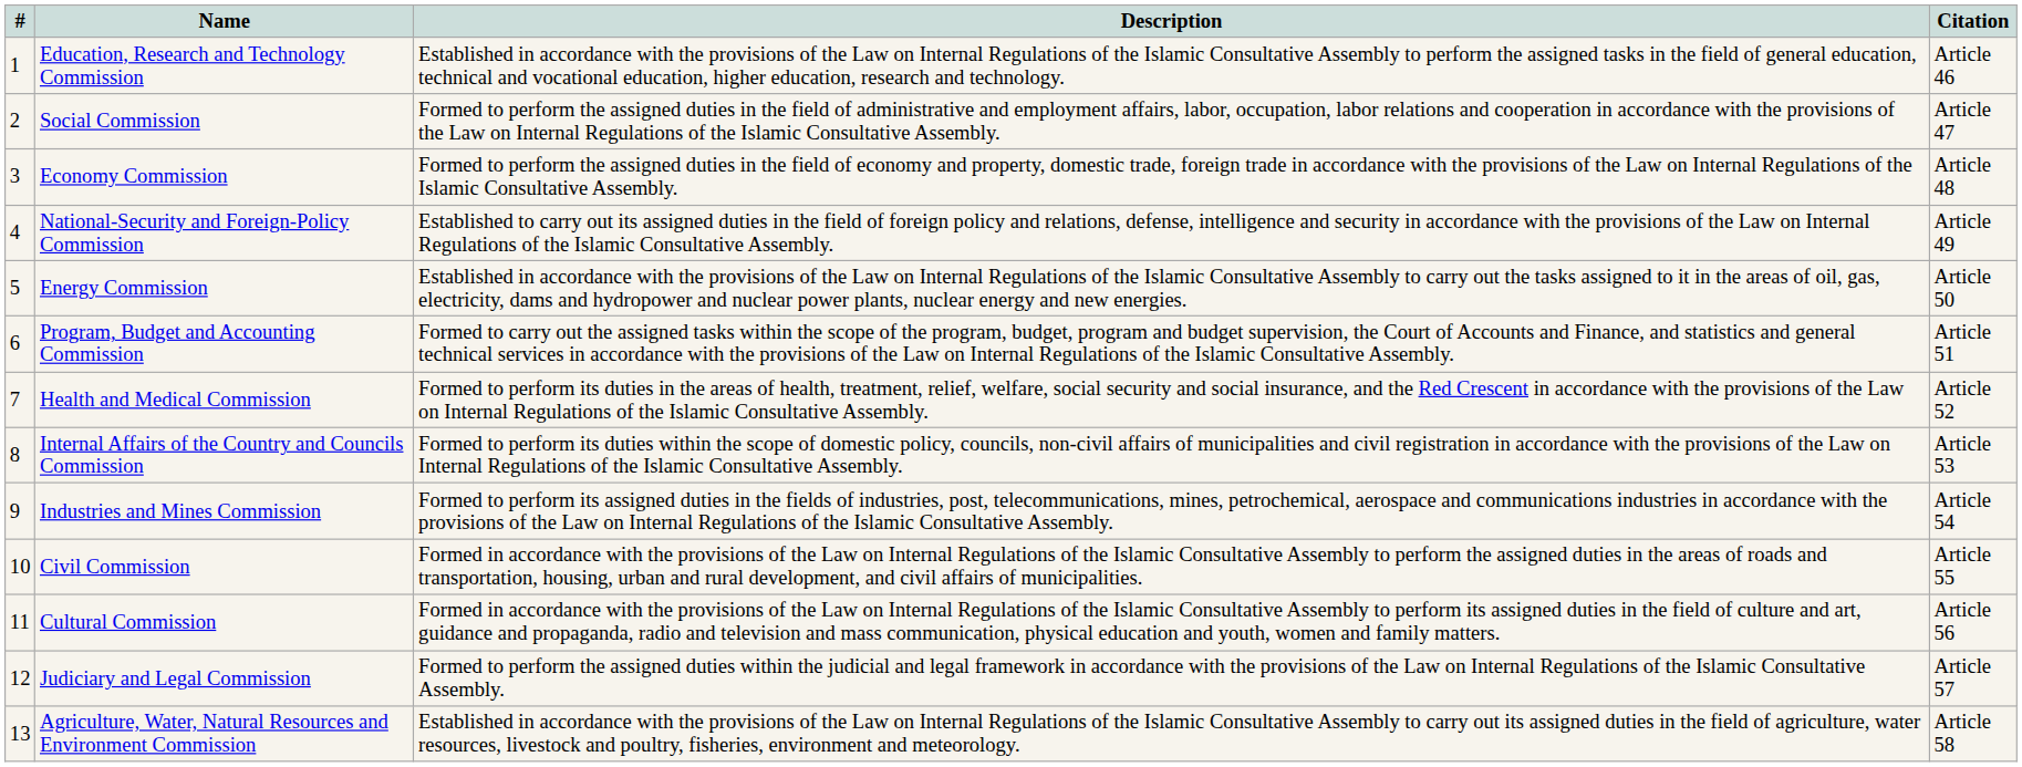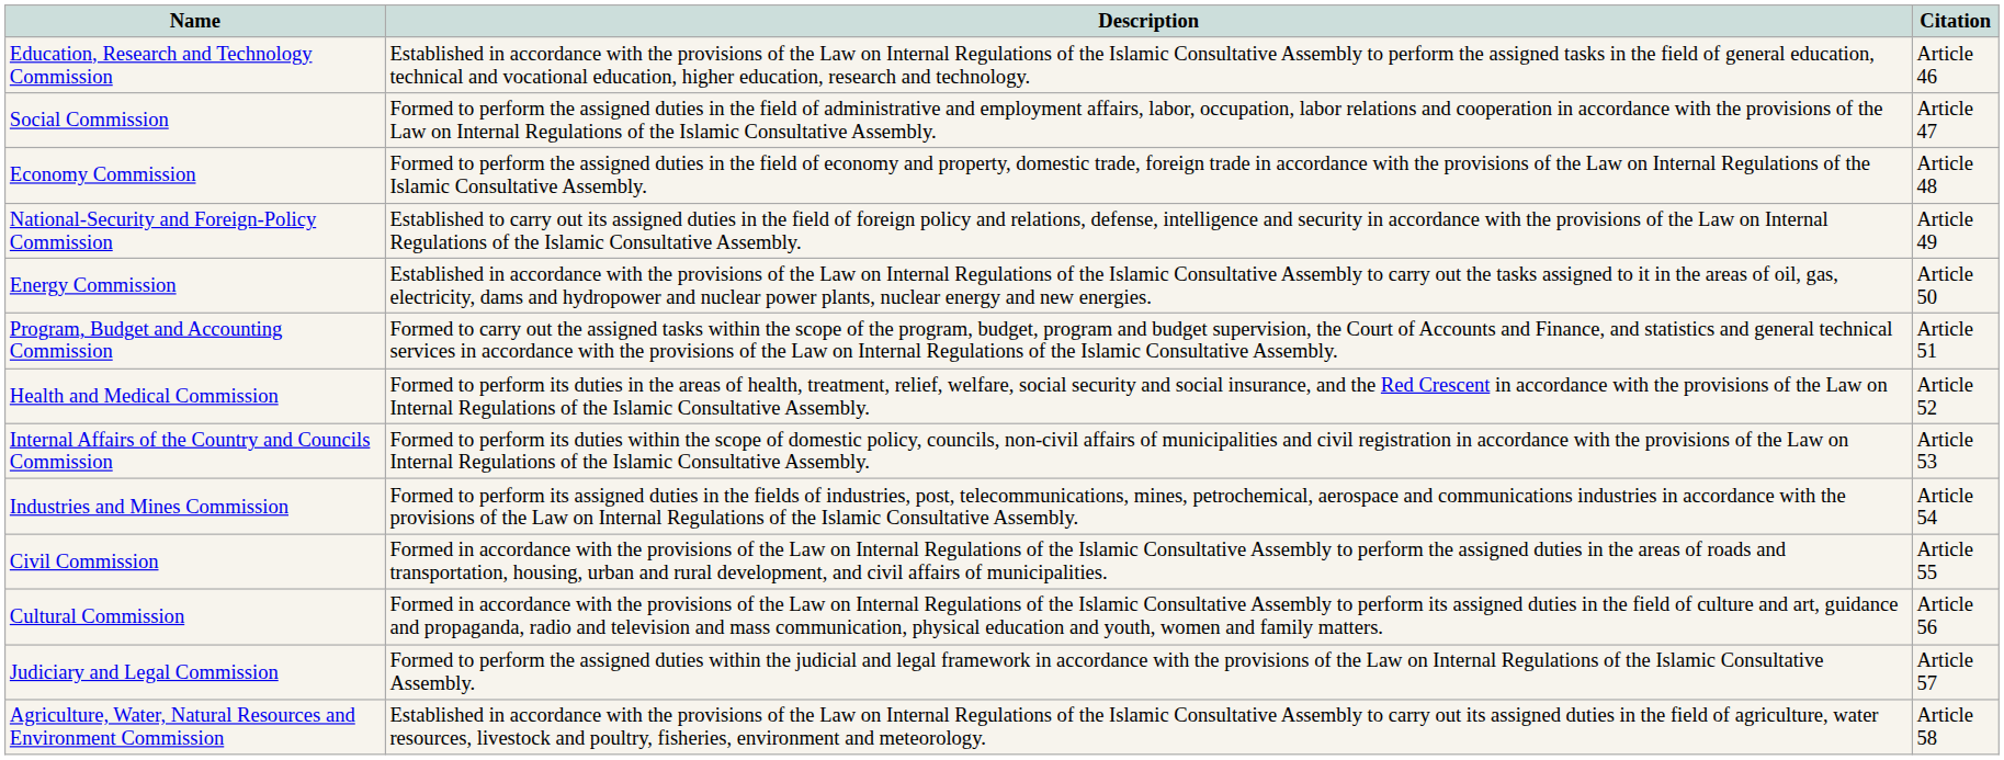 <table class="wikitable" style="background-color:#f7f4ed; color:#000000">
 <tr>
-<th style="background-color:#ccdedb;">#</th>
 <th style="background-color:#ccdedb;">Name</th>
 <th style="background-color:#ccdedb;">Description</th>
 <th style="background-color:#ccdedb;">Citation</th>
 </tr>
 <tr>
-<td>1</td>
 <td><a href='#'>Education, Research and Technology Commission</a></td>
 <td>Established in accordance with the provisions of the Law on Internal Regulations of the Islamic Consultative Assembly to perform the assigned tasks in the field of general education, technical and vocational education, higher education, research and technology.</td>
 <td>Article 46</td>
 </tr>
 <tr>
-<td>2</td>
 <td><a href='#'>Social Commission</a></td>
 <td>Formed to perform the assigned duties in the field of administrative and employment affairs, labor, occupation, labor relations and cooperation in accordance with the provisions of the Law on Internal Regulations of the Islamic Consultative Assembly.</td>
 <td>Article 47</td>
 </tr>
 <tr>
-<td>3</td>
 <td><a href='#'>Economy Commission</a></td>
 <td>Formed to perform the assigned duties in the field of economy and property, domestic trade, foreign trade in accordance with the provisions of the Law on Internal Regulations of the Islamic Consultative Assembly.</td>
 <td>Article 48</td>
 </tr>
 <tr>
-<td>4</td>
 <td><a href='#'>National-Security and Foreign-Policy Commission</a></td>
 <td>Established to carry out its assigned duties in the field of foreign policy and relations, defense, intelligence and security in accordance with the provisions of the Law on Internal Regulations of the Islamic Consultative Assembly.</td>
 <td>Article 49</td>
 </tr>
 <tr>
-<td>5</td>
 <td><a href='#'>Energy Commission</a></td>
 <td>Established in accordance with the provisions of the Law on Internal Regulations of the Islamic Consultative Assembly to carry out the tasks assigned to it in the areas of oil, gas, electricity, dams and hydropower and nuclear power plants, nuclear energy and new energies.</td>
 <td>Article 50</td>
 </tr>
 <tr>
-<td>6</td>
 <td><a href='#'>Program, Budget and Accounting Commission</a></td>
 <td>Formed to carry out the assigned tasks within the scope of the program, budget, program and budget supervision, the Court of Accounts and Finance, and statistics and general technical services in accordance with the provisions of the Law on Internal Regulations of the Islamic Consultative Assembly.</td>
 <td>Article 51</td>
 </tr>
 <tr>
-<td>7</td>
 <td><a href='#'>Health and Medical Commission</a></td>
 <td>Formed to perform its duties in the areas of health, treatment, relief, welfare, social security and social insurance, and the <a href='#'>Red Crescent</a> in accordance with the provisions of the Law on Internal Regulations of the Islamic Consultative Assembly.</td>
 <td>Article 52</td>
 </tr>
 <tr>
-<td>8</td>
 <td><a href='#'>Internal Affairs of the Country and Councils Commission</a></td>
 <td>Formed to perform its duties within the scope of domestic policy, councils, non-civil affairs of municipalities and civil registration in accordance with the provisions of the Law on Internal Regulations of the Islamic Consultative Assembly.</td>
 <td>Article 53</td>
 </tr>
 <tr>
-<td>9</td>
 <td><a href='#'>Industries and Mines Commission</a></td>
 <td>Formed to perform its assigned duties in the fields of industries, post, telecommunications, mines, petrochemical, aerospace and communications industries in accordance with the provisions of the Law on Internal Regulations of the Islamic Consultative Assembly.</td>
 <td>Article 54</td>
 </tr>
 <tr>
-<td>10</td>
 <td><a href='#'>Civil Commission</a></td>
 <td>Formed in accordance with the provisions of the Law on Internal Regulations of the Islamic Consultative Assembly to perform the assigned duties in the areas of roads and transportation, housing, urban and rural development, and civil affairs of municipalities.</td>
 <td>Article 55</td>
 </tr>
 <tr>
-<td>11</td>
 <td><a href='#'>Cultural Commission</a></td>
 <td>Formed in accordance with the provisions of the Law on Internal Regulations of the Islamic Consultative Assembly to perform its assigned duties in the field of culture and art, guidance and propaganda, radio and television and mass communication, physical education and youth, women and family matters.</td>
 <td>Article 56</td>
 </tr>
 <tr>
-<td>12</td>
 <td><a href='#'>Judiciary and Legal Commission</a></td>
 <td>Formed to perform the assigned duties within the judicial and legal framework in accordance with the provisions of the Law on Internal Regulations of the Islamic Consultative Assembly.</td>
 <td>Article 57</td>
 </tr>
 <tr>
-<td>13</td>
 <td><a href='#'>Agriculture, Water, Natural Resources and Environment Commission</a></td>
 <td>Established in accordance with the provisions of the Law on Internal Regulations of the Islamic Consultative Assembly to carry out its assigned duties in the field of agriculture, water resources, livestock and poultry, fisheries, environment and meteorology.</td>
 <td>Article 58</td>
 </tr>
 </table>
